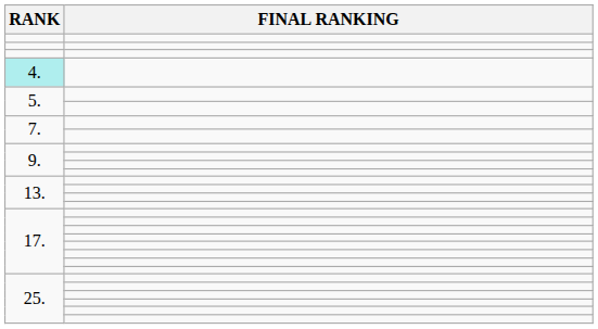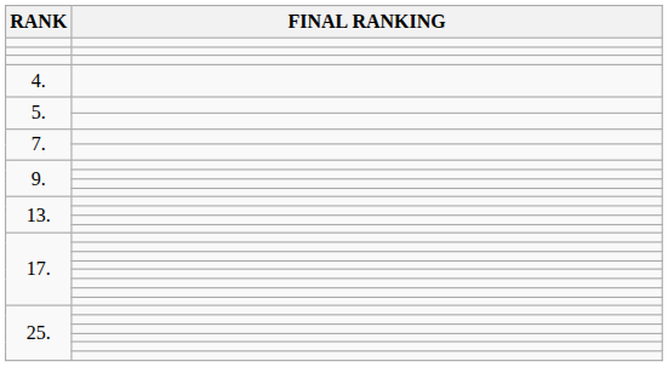 <table class="wikitable" style="border-collapse: collapse; font-size: 90%;">
 <tr>
 <th>RANK</th>
 <th style="width: 30em">FINAL RANKING</th>
 </tr>
 <tr>
 <td align="center"></td>
 <td></td>
 </tr>
 <tr>
 <td align="center"></td>
 <td></td>
 </tr>
 <tr>
 <td align="center"></td>
 <td></td>
 </tr>
 <tr>
-<td align="center" style="background: paleturquoise;">4.</td>
+<td align="center">4.</td>
 <td></td>
 </tr>
 <tr>
 <td rowspan=2 align="center">5.</td>
 <td></td>
 </tr>
 <tr>
 <td></td>
 </tr>
 <tr>
 <td rowspan=2 align="center">7.</td>
 <td></td>
 </tr>
 <tr>
 <td></td>
 </tr>
 <tr>
 <td rowspan=4 align="center">9.</td>
 <td></td>
 </tr>
 <tr>
 <td></td>
 </tr>
 <tr>
 <td></td>
 </tr>
 <tr>
 <td></td>
 </tr>
 <tr>
 <td rowspan=4 align="center">13.</td>
 <td></td>
 </tr>
 <tr>
 <td></td>
 </tr>
 <tr>
 <td></td>
 </tr>
 <tr>
 <td></td>
 </tr>
 <tr>
 <td rowspan=8 align="center">17.</td>
 <td></td>
 </tr>
 <tr>
 <td></td>
 </tr>
 <tr>
 <td></td>
 </tr>
 <tr>
 <td></td>
 </tr>
 <tr>
 <td></td>
 </tr>
 <tr>
 <td></td>
 </tr>
 <tr>
 <td></td>
 </tr>
 <tr>
 <td></td>
 </tr>
 <tr>
 <td rowspan=6 align="center">25.</td>
 <td></td>
 </tr>
 <tr>
 <td></td>
 </tr>
 <tr>
 <td></td>
 </tr>
 <tr>
 <td></td>
 </tr>
 <tr>
 <td></td>
 </tr>
 <tr>
 <td></td>
 </tr>
 </table>
